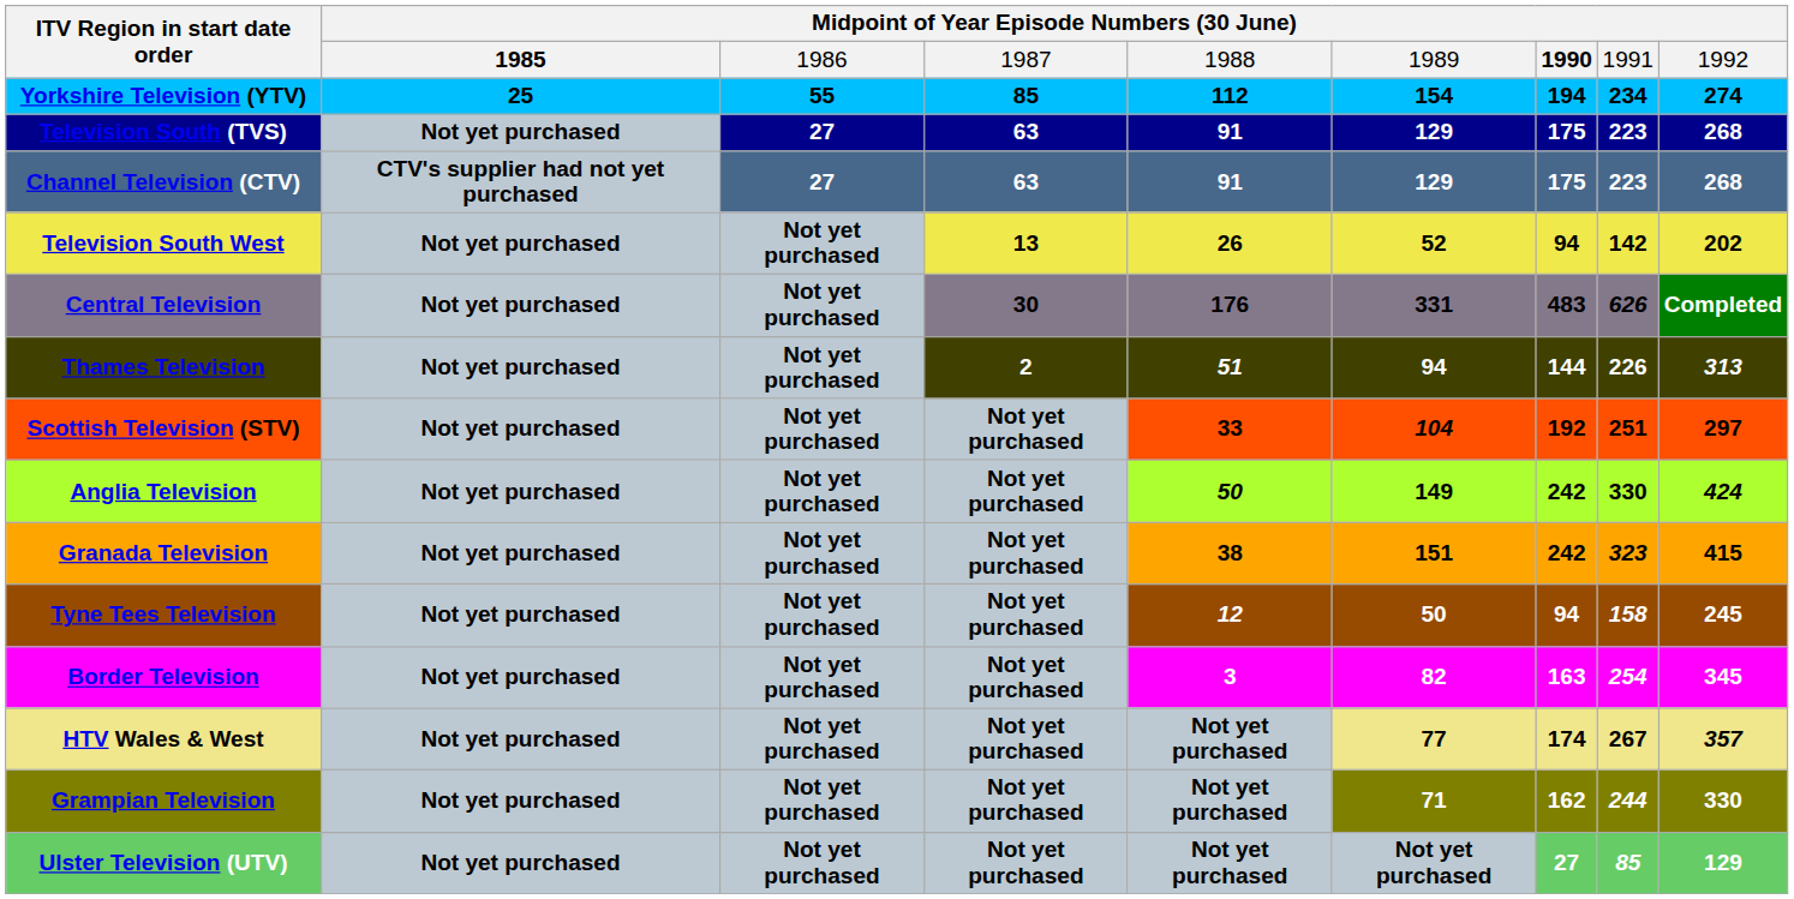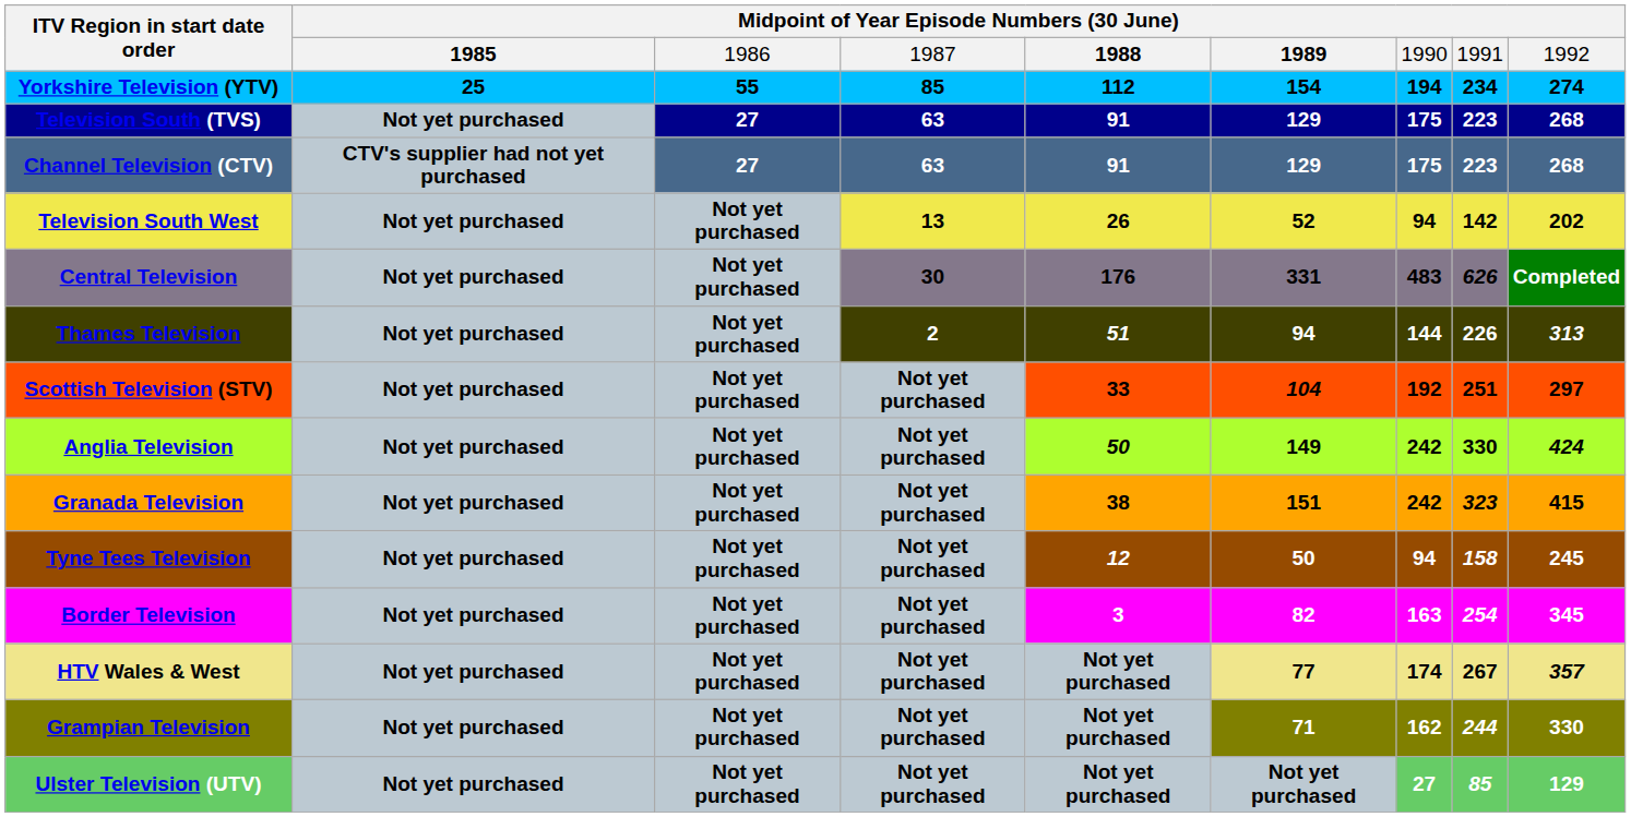 <table class="wikitable">
 <tr>
 <td rowspan="2" bgcolor="#f2f2f2" style="text-align:center;"><strong>ITV Region in start date order</strong></td>
 <td colspan="8" bgcolor="#f2f2f2" style="text-align:center;"><strong>Midpoint of Year Episode Numbers (30 June)</strong></td>
 </tr>
 <tr>
 <td bgcolor="#f2f2f2" style="text-align:center;"><strong>1985</strong></td>
 <td bgcolor="#f2f2f2" style="text-align:center;">1986</td>
 <td bgcolor="#f2f2f2" style="text-align:center;">1987</td>
-<td bgcolor="#f2f2f2" style="text-align:center;">1988</td>
-<td bgcolor="#f2f2f2" style="text-align:center;">1989</td>
-<td bgcolor="#f2f2f2" style="text-align:center;"><strong>1990</strong></td>
+<td bgcolor="#f2f2f2" style="text-align:center;"><strong>1988</strong></td>
+<td bgcolor="#f2f2f2" style="text-align:center;"><strong>1989</strong></td>
+<td bgcolor="#f2f2f2" style="text-align:center;">1990</td>
 <td bgcolor="#f2f2f2" style="text-align:center;">1991</td>
 <td bgcolor="#f2f2f2" style="text-align:center;">1992</td>
 </tr>
 <tr>
 <th style="background-color: #00BFFF"><a href='#'>Yorkshire Television</a> (YTV)</th>
 <th style="background-color: #00BFFF">25</th>
 <th style="background-color: #00BFFF">55</th>
 <th style="background-color: #00BFFF">85</th>
 <th style="background-color: #00BFFF">112</th>
 <th style="background-color: #00BFFF">154</th>
 <th style="background-color: #00BFFF">194</th>
 <th style="background-color: #00BFFF">234</th>
 <th style="background-color: #00BFFF">274</th>
 </tr>
 <tr>
 <th style="background-color: #00008B; color:#FFFFFF"><a href='#'>Television South</a> (TVS)</th>
 <th style="background-color: #BCC9D2">Not yet purchased</th>
 <th style="background-color: #00008B; color:#FFFFFF">27</th>
 <th style="background-color: #00008B; color:#FFFFFF">63</th>
 <th style="background-color: #00008B; color:#FFFFFF">91</th>
 <th style="background-color: #00008B; color:#FFFFFF">129</th>
 <th style="background-color: #00008B; color:#FFFFFF">175</th>
 <th style="background-color: #00008B; color:#FFFFFF">223</th>
 <th style="background-color: #00008B; color:#FFFFFF">268</th>
 </tr>
 <tr>
 <th style="background-color: #47688B; color:#FFFFFF"><a href='#'>Channel Television</a> (CTV)</th>
 <th style="background-color: #BCC9D2">CTV's supplier had not yet purchased</th>
 <th style="background-color: #47688B; color:#FFFFFF">27</th>
 <th style="background-color: #47688B; color:#FFFFFF">63</th>
 <th style="background-color: #47688B; color:#FFFFFF">91</th>
 <th style="background-color: #47688B; color:#FFFFFF">129</th>
 <th style="background-color: #47688B; color:#FFFFFF">175</th>
 <th style="background-color: #47688B; color:#FFFFFF">223</th>
 <th style="background-color: #47688B; color:#FFFFFF">268</th>
 </tr>
 <tr>
 <th style="background-color: #F0E94C"><a href='#'>Television South West</a></th>
 <th style="background-color: #BCC9D2">Not yet purchased</th>
 <th style="background-color: #BCC9D2">Not yet purchased</th>
 <th style="background-color: #F0E94C">13</th>
 <th style="background-color: #F0E94C">26</th>
 <th style="background-color: #F0E94C">52</th>
 <th style="background-color: #F0E94C">94</th>
 <th style="background-color: #F0E94C">142</th>
 <th style="background-color: #F0E94C">202</th>
 </tr>
 <tr>
 <th style="background-color: #84788B"><a href='#'>Central Television</a></th>
 <th style="background-color: #BCC9D2">Not yet purchased</th>
 <th style="background-color: #BCC9D2">Not yet purchased</th>
 <th style="background-color: #84788B">30</th>
 <th style="background-color: #84788B">176</th>
 <th style="background-color: #84788B">331</th>
 <th style="background-color: #84788B">483</th>
 <th style="background-color: #84788B"><em>626</em></th>
 <th style="color:#FFFFFF; background-color: #008000">Completed</th>
 </tr>
 <tr>
 <th style="color:#FFFFFF; background-color: #404000;"><a href='#'>Thames Television</a></th>
 <th style="background-color: #BCC9D2">Not yet purchased</th>
 <th style="background-color: #BCC9D2">Not yet purchased</th>
 <th style="color:#FFFFFF; background-color: #404000;">2</th>
 <th style="color:#FFFFFF; background-color: #404000;"><em>51</em></th>
 <th style="color:#FFFFFF; background-color: #404000;">94</th>
 <th style="color:#FFFFFF; background-color: #404000;">144</th>
 <th style="color:#FFFFFF; background-color: #404000;">226</th>
 <th style="color:#FFFFFF; background-color: #404000;"><em>313</em></th>
 </tr>
 <tr>
 <th style="background-color: #ff4f00"><a href='#'>Scottish Television</a> (STV)</th>
 <th style="background-color: #BCC9D2">Not yet purchased</th>
 <th style="background-color: #BCC9D2">Not yet purchased</th>
 <th style="background-color: #BCC9D2">Not yet purchased</th>
 <th style="background-color: #ff4f00">33</th>
 <th style="background-color: #ff4f00"><em>104</em></th>
 <th style="background-color: #ff4f00">192</th>
 <th style="background-color: #ff4f00">251</th>
 <th style="background-color: #ff4f00">297</th>
 </tr>
 <tr ->
 <th style="background-color: #ADFF2F"><a href='#'>Anglia Television</a></th>
 <th style="background-color: #BCC9D2">Not yet purchased</th>
 <th style="background-color: #BCC9D2">Not yet purchased</th>
 <th style="background-color: #BCC9D2">Not yet purchased</th>
 <th style="background-color: #ADFF2F"><em>50</em></th>
 <th style="background-color: #ADFF2F">149</th>
 <th style="background-color: #ADFF2F">242</th>
 <th style="background-color: #ADFF2F">330</th>
 <th style="background-color: #ADFF2F"><em>424</em></th>
 </tr>
 <tr>
 <th style="background-color: #FFA500"><a href='#'>Granada Television</a></th>
 <th style="background-color: #BCC9D2">Not yet purchased</th>
 <th style="background-color: #BCC9D2">Not yet purchased</th>
 <th style="background-color: #BCC9D2">Not yet purchased</th>
 <th style="background-color: #FFA500">38</th>
 <th style="background-color: #FFA500">151</th>
 <th style="background-color: #FFA500">242</th>
 <th style="background-color: #FFA500"><em>323</em></th>
 <th style="background-color: #FFA500">415</th>
 </tr>
 <tr>
 <th style="color:#FFFFFF; background-color: #964B00"><a href='#'>Tyne Tees Television</a></th>
 <th style="background-color: #BCC9D2">Not yet purchased</th>
 <th style="background-color: #BCC9D2">Not yet purchased</th>
 <th style="background-color: #BCC9D2">Not yet purchased</th>
 <th style="color:#FFFFFF; background-color: #964B00"><em>12</em></th>
 <th style="color:#FFFFFF; background-color: #964B00">50</th>
 <th style="color:#FFFFFF; background-color: #964B00">94</th>
 <th style="color:#FFFFFF; background-color: #964B00"><em>158</em></th>
 <th style="color:#FFFFFF; background-color: #964B00">245</th>
 </tr>
 <tr>
 <th style="color:#FFFFFF; background-color: #ff00ff"><a href='#'>Border Television</a></th>
 <th style="background-color: #BCC9D2">Not yet purchased</th>
 <th style="background-color: #BCC9D2">Not yet purchased</th>
 <th style="background-color: #BCC9D2">Not yet purchased</th>
 <th style="color:#FFFFFF; background-color: #ff00ff">3</th>
 <th style="color:#FFFFFF; background-color: #ff00ff">82</th>
 <th style="color:#FFFFFF; background-color: #ff00ff">163</th>
 <th style="color:#FFFFFF; background-color: #ff00ff"><em>254</em></th>
 <th style="color:#FFFFFF; background-color: #ff00ff">345</th>
 </tr>
 <tr>
 <th style="background-color: #F0E68C"><a href='#'>HTV</a> Wales & West</th>
 <th style="background-color: #BCC9D2">Not yet purchased</th>
 <th style="background-color: #BCC9D2">Not yet purchased</th>
 <th style="background-color: #BCC9D2">Not yet purchased</th>
 <th style="background-color: #BCC9D2">Not yet purchased</th>
 <th style="background-color: #F0E68C">77</th>
 <th style="background-color: #F0E68C">174</th>
 <th style="background-color: #F0E68C">267</th>
 <th style="background-color: #F0E68C"><em>357</em></th>
 </tr>
 <tr>
 <th style="color:#FFFFFF; background-color: #808000"><a href='#'>Grampian Television</a></th>
 <th style="background-color: #BCC9D2">Not yet purchased</th>
 <th style="background-color: #BCC9D2">Not yet purchased</th>
 <th style="background-color: #BCC9D2">Not yet purchased</th>
 <th style="background-color: #BCC9D2">Not yet purchased</th>
 <th style="color:#FFFFFF; background-color: #808000">71</th>
 <th style="color:#FFFFFF; background-color: #808000">162</th>
 <th style="color:#FFFFFF; background-color: #808000"><em>244</em></th>
 <th style="color:#FFFFFF; background-color: #808000">330</th>
 </tr>
 <tr>
 <th style="color:#FFFFFF; background-color: #66CC66;"><a href='#'>Ulster Television</a> (UTV)</th>
 <th style="background-color: #BCC9D2">Not yet purchased</th>
 <th style="background-color: #BCC9D2">Not yet purchased</th>
 <th style="background-color: #BCC9D2">Not yet purchased</th>
 <th style="background-color: #BCC9D2">Not yet purchased</th>
 <th style="background-color: #BCC9D2">Not yet purchased</th>
 <th style="color:#FFFFFF; background-color: #66CC66;">27</th>
 <th style="color:#FFFFFF; background-color: #66CC66;"><em>85</em></th>
 <th style="color:#FFFFFF; background-color: #66CC66;">129</th>
 </tr>
 </table>
